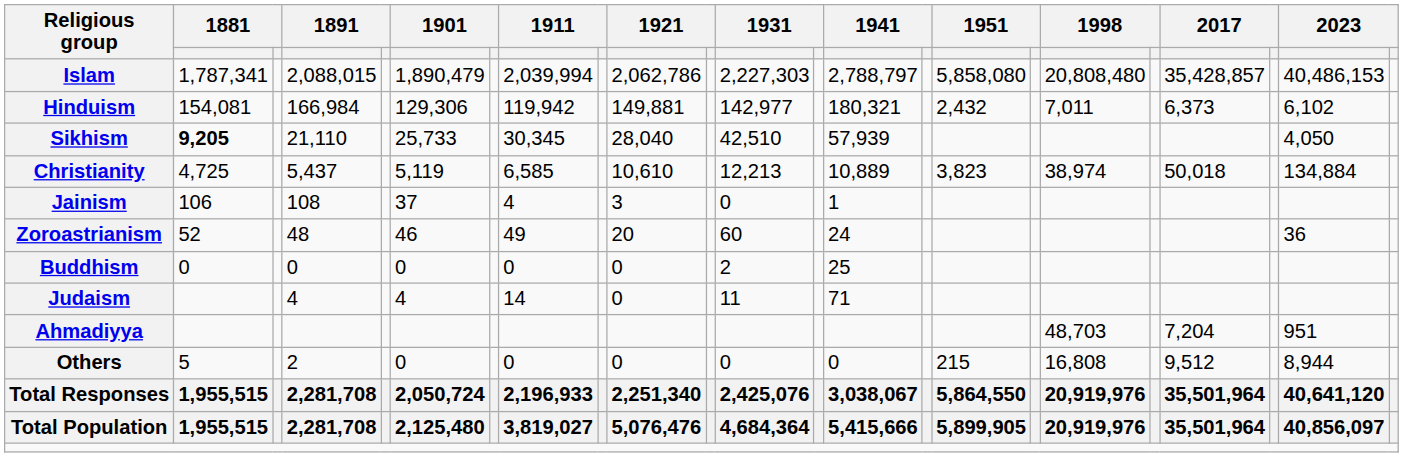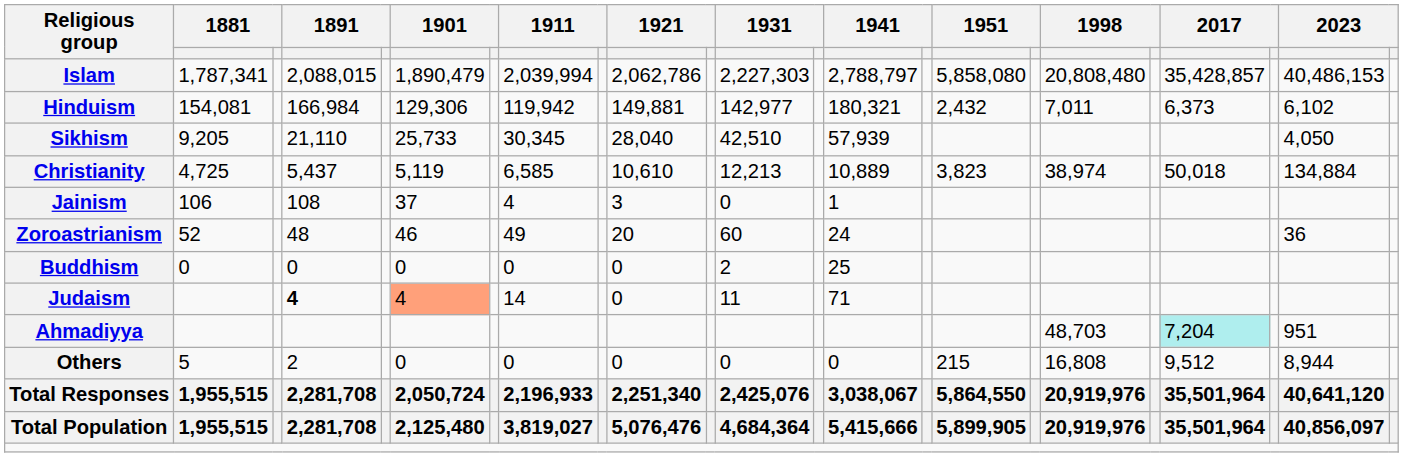 <table class="wikitable sortable">
 <tr>
 <th rowspan="2">Religious<br>group</th>
 <th colspan="2">1881</th>
 <th colspan="2">1891</th>
 <th colspan="2">1901</th>
 <th colspan="2">1911</th>
 <th colspan="2">1921</th>
 <th colspan="2">1931</th>
 <th colspan="2">1941</th>
 <th colspan="2">1951</th>
 <th colspan="2">1998</th>
 <th colspan="2">2017</th>
 <th colspan="2">2023</th>
 </tr>
 <tr>
 <th><a href='#'></a></th>
 <th></th>
 <th></th>
 <th></th>
 <th></th>
 <th></th>
 <th></th>
 <th></th>
 <th></th>
 <th></th>
 <th></th>
 <th></th>
 <th></th>
 <th></th>
 <th></th>
 <th></th>
 <th></th>
 <th></th>
 <th></th>
 <th></th>
 <th></th>
 <th></th>
 </tr>
 <tr>
 <th><a href='#'>Islam</a> </th>
 <td>1,787,341</td>
 <td></td>
 <td>2,088,015</td>
 <td></td>
 <td>1,890,479</td>
 <td></td>
 <td>2,039,994</td>
 <td></td>
 <td>2,062,786</td>
 <td></td>
 <td>2,227,303</td>
 <td></td>
 <td>2,788,797</td>
 <td></td>
 <td>5,858,080</td>
 <td></td>
 <td>20,808,480</td>
 <td></td>
 <td>35,428,857</td>
 <td></td>
 <td>40,486,153</td>
 <td></td>
 </tr>
 <tr>
 <th><a href='#'>Hinduism</a> </th>
 <td>154,081</td>
 <td></td>
 <td>166,984</td>
 <td></td>
 <td>129,306</td>
 <td></td>
 <td>119,942</td>
 <td></td>
 <td>149,881</td>
 <td></td>
 <td>142,977</td>
 <td></td>
 <td>180,321</td>
 <td></td>
 <td>2,432</td>
 <td></td>
 <td>7,011</td>
 <td></td>
 <td>6,373</td>
 <td></td>
 <td>6,102</td>
 <td></td>
 </tr>
 <tr>
 <th><a href='#'>Sikhism</a> </th>
-<td><strong>9,205</strong></td>
+<td>9,205</td>
 <td></td>
 <td>21,110</td>
 <td></td>
 <td>25,733</td>
 <td></td>
 <td>30,345</td>
 <td></td>
 <td>28,040</td>
 <td></td>
 <td>42,510</td>
 <td></td>
 <td>57,939</td>
 <td></td>
 <td></td>
 <td></td>
 <td></td>
 <td></td>
 <td></td>
 <td></td>
 <td>4,050</td>
 <td></td>
 </tr>
 <tr>
 <th><a href='#'>Christianity</a> </th>
 <td>4,725</td>
 <td></td>
 <td>5,437</td>
 <td></td>
 <td>5,119</td>
 <td></td>
 <td>6,585</td>
 <td></td>
 <td>10,610</td>
 <td></td>
 <td>12,213</td>
 <td></td>
 <td>10,889</td>
 <td></td>
 <td>3,823</td>
 <td></td>
 <td>38,974</td>
 <td></td>
 <td>50,018</td>
 <td></td>
 <td>134,884</td>
 <td></td>
 </tr>
 <tr>
 <th><a href='#'>Jainism</a> </th>
 <td>106</td>
 <td></td>
 <td>108</td>
 <td></td>
 <td>37</td>
 <td></td>
 <td>4</td>
 <td></td>
 <td>3</td>
 <td></td>
 <td>0</td>
 <td></td>
 <td>1</td>
 <td></td>
 <td></td>
 <td></td>
 <td></td>
 <td></td>
 <td></td>
 <td></td>
 <td></td>
 <td></td>
 </tr>
 <tr>
 <th><a href='#'>Zoroastrianism</a> </th>
 <td>52</td>
 <td></td>
 <td>48</td>
 <td></td>
 <td>46</td>
 <td></td>
 <td>49</td>
 <td></td>
 <td>20</td>
 <td></td>
 <td>60</td>
 <td></td>
 <td>24</td>
 <td></td>
 <td></td>
 <td></td>
 <td></td>
 <td></td>
 <td></td>
 <td></td>
 <td>36</td>
 <td></td>
 </tr>
 <tr>
 <th><a href='#'>Buddhism</a> </th>
 <td>0</td>
 <td></td>
 <td>0</td>
 <td></td>
 <td>0</td>
 <td></td>
 <td>0</td>
 <td></td>
 <td>0</td>
 <td></td>
 <td>2</td>
 <td></td>
 <td>25</td>
 <td></td>
 <td></td>
 <td></td>
 <td></td>
 <td></td>
 <td></td>
 <td></td>
 <td></td>
 <td></td>
 </tr>
 <tr>
 <th><a href='#'>Judaism</a> </th>
 <td></td>
 <td></td>
-<td>4</td>
+<td><strong>4</strong></td>
 <td></td>
-<td>4</td>
+<td style="background: lightsalmon;">4</td>
 <td></td>
 <td>14</td>
 <td></td>
 <td>0</td>
 <td></td>
 <td>11</td>
 <td></td>
 <td>71</td>
 <td></td>
 <td></td>
 <td></td>
 <td></td>
 <td></td>
 <td></td>
 <td></td>
 <td></td>
 <td></td>
 </tr>
 <tr>
 <th><a href='#'>Ahmadiyya</a> </th>
 <td></td>
 <td></td>
 <td></td>
 <td></td>
 <td></td>
 <td></td>
 <td></td>
 <td></td>
 <td></td>
 <td></td>
 <td></td>
 <td></td>
 <td></td>
 <td></td>
 <td></td>
 <td></td>
 <td>48,703</td>
 <td></td>
-<td>7,204</td>
+<td style="background: paleturquoise;">7,204</td>
 <td></td>
 <td>951</td>
 <td></td>
 </tr>
 <tr>
 <th>Others</th>
 <td>5</td>
 <td></td>
 <td>2</td>
 <td></td>
 <td>0</td>
 <td></td>
 <td>0</td>
 <td></td>
 <td>0</td>
 <td></td>
 <td>0</td>
 <td></td>
 <td>0</td>
 <td></td>
 <td>215</td>
 <td></td>
 <td>16,808</td>
 <td></td>
 <td>9,512</td>
 <td></td>
 <td>8,944</td>
 <td></td>
 </tr>
 <tr class="sortbottom">
 <th>Total Responses</th>
 <th>1,955,515</th>
 <th></th>
 <th>2,281,708</th>
 <th></th>
 <th>2,050,724</th>
 <th></th>
 <th>2,196,933</th>
 <th></th>
 <th>2,251,340</th>
 <th></th>
 <th>2,425,076</th>
 <th></th>
 <th>3,038,067</th>
 <th></th>
 <th>5,864,550</th>
 <th></th>
 <th>20,919,976</th>
 <th></th>
 <th>35,501,964</th>
 <th></th>
 <th>40,641,120</th>
 <th></th>
 </tr>
 <tr class="sortbottom">
 <th>Total Population</th>
 <th>1,955,515</th>
 <th></th>
 <th>2,281,708</th>
 <th></th>
 <th>2,125,480</th>
 <th></th>
 <th>3,819,027</th>
 <th></th>
 <th>5,076,476</th>
 <th></th>
 <th>4,684,364</th>
 <th></th>
 <th>5,415,666</th>
 <th></th>
 <th>5,899,905</th>
 <th></th>
 <th>20,919,976</th>
 <th></th>
 <th>35,501,964</th>
 <th></th>
 <th>40,856,097</th>
 <th></th>
 </tr>
 <tr class="sortbottom">
 <td colspan="25"></td>
 </tr>
 </table>
